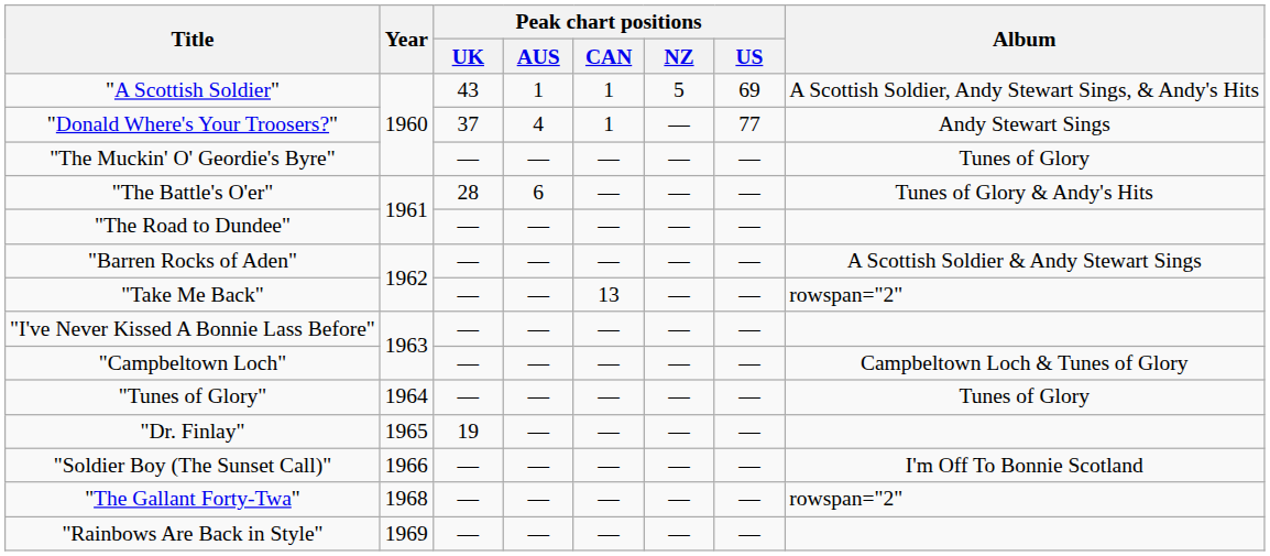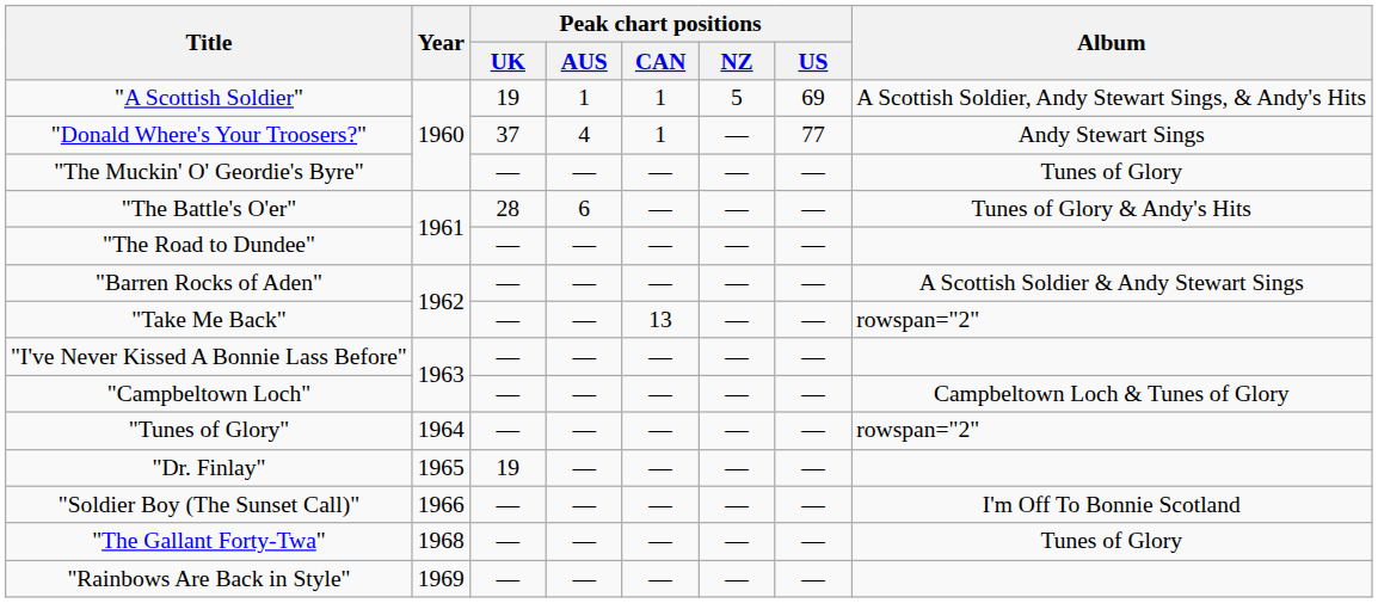 <table class="wikitable">
 <tr>
 <th rowspan="2">Title</th>
 <th rowspan="2">Year</th>
 <th colspan="5">Peak chart positions</th>
 <th rowspan="2">Album</th>
 </tr>
 <tr>
 <th width="45"><a href='#'>UK</a><br></th>
 <th width="45"><a href='#'>AUS</a><br></th>
 <th width="45"><a href='#'>CAN</a><br></th>
 <th width="45"><a href='#'>NZ</a><br></th>
 <th width="45"><a href='#'>US</a><br></th>
 </tr>
 <tr>
 <td align="center">"<a href='#'>A Scottish Soldier</a>"</td>
 <td rowspan="3" align="center">1960</td>
-<td align="center">43</td>
+<td align="center">19</td>
 <td align="center">1</td>
 <td align="center">1</td>
 <td align="center">5</td>
 <td align="center">69</td>
 <td align="center">A Scottish Soldier, Andy Stewart Sings, & Andy's Hits</td>
 </tr>
 <tr>
 <td align="center">"<a href='#'>Donald Where's Your Troosers?</a>"</td>
 <td align="center">37</td>
 <td align="center">4</td>
 <td align="center">1</td>
 <td align="center">—</td>
 <td align="center">77</td>
 <td align="center">Andy Stewart Sings</td>
 </tr>
 <tr>
 <td align="center">"The Muckin' O' Geordie's Byre"</td>
 <td align="center">—</td>
 <td align="center">—</td>
 <td align="center">—</td>
 <td align="center">—</td>
 <td align="center">—</td>
 <td align="center">Tunes of Glory</td>
 </tr>
 <tr>
 <td align="center">"The Battle's O'er"</td>
 <td rowspan="2" align="center">1961</td>
 <td align="center">28</td>
 <td align="center">6</td>
 <td align="center">—</td>
 <td align="center">—</td>
 <td align="center">—</td>
 <td align="center">Tunes of Glory & Andy's Hits</td>
 </tr>
 <tr>
 <td align="center">"The Road to Dundee"</td>
 <td align="center">—</td>
 <td align="center">—</td>
 <td align="center">—</td>
 <td align="center">—</td>
 <td align="center">—</td>
 <td></td>
 </tr>
 <tr>
 <td align="center">"Barren Rocks of Aden"</td>
 <td rowspan="2" align="center">1962</td>
 <td align="center">—</td>
 <td align="center">—</td>
 <td align="center">—</td>
 <td align="center">—</td>
 <td align="center">—</td>
 <td align="center">A Scottish Soldier & Andy Stewart Sings</td>
 </tr>
 <tr>
 <td align="center">"Take Me Back"</td>
 <td align="center">—</td>
 <td align="center">—</td>
 <td align="center">13</td>
 <td align="center">—</td>
 <td align="center">—</td>
 <td>rowspan="2"</td>
 </tr>
 <tr>
 <td align="center">"I've Never Kissed A Bonnie Lass Before"</td>
 <td rowspan="2" align="center">1963</td>
 <td align="center">—</td>
 <td align="center">—</td>
 <td align="center">—</td>
 <td align="center">—</td>
 <td align="center">—</td>
 </tr>
 <tr>
 <td align="center">"Campbeltown Loch"</td>
 <td align="center">—</td>
 <td align="center">—</td>
 <td align="center">—</td>
 <td align="center">—</td>
 <td align="center">—</td>
 <td align="center">Campbeltown Loch & Tunes of Glory</td>
 </tr>
 <tr>
 <td align="center">"Tunes of Glory"</td>
 <td align="center">1964</td>
 <td align="center">—</td>
 <td align="center">—</td>
 <td align="center">—</td>
 <td align="center">—</td>
 <td align="center">—</td>
-<td align="center">Tunes of Glory</td>
+<td>rowspan="2"</td>
 </tr>
 <tr>
 <td align="center">"Dr. Finlay"</td>
 <td align="center">1965</td>
 <td align="center">19</td>
 <td align="center">—</td>
 <td align="center">—</td>
 <td align="center">—</td>
 <td align="center">—</td>
 <td></td>
 </tr>
 <tr>
 <td align="center">"Soldier Boy (The Sunset Call)"</td>
 <td align="center">1966</td>
 <td align="center">—</td>
 <td align="center">—</td>
 <td align="center">—</td>
 <td align="center">—</td>
 <td align="center">—</td>
 <td align="center">I'm Off To Bonnie Scotland</td>
 </tr>
 <tr>
 <td align="center">"<a href='#'>The Gallant Forty-Twa</a>"</td>
 <td align="center">1968</td>
 <td align="center">—</td>
 <td align="center">—</td>
 <td align="center">—</td>
 <td align="center">—</td>
 <td align="center">—</td>
-<td>rowspan="2"</td>
+<td align="center">Tunes of Glory</td>
 </tr>
 <tr>
 <td align="center">"Rainbows Are Back in Style"</td>
 <td align="center">1969</td>
 <td align="center">—</td>
 <td align="center">—</td>
 <td align="center">—</td>
 <td align="center">—</td>
 <td align="center">—</td>
 </tr>
 </table>
